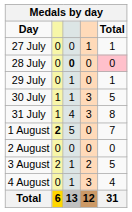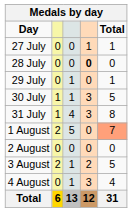 <table class="wikitable" style="font-size:85%;float:right;text-align:center">
 <tr>
 <th colspan=5><strong>Medals by day</strong></th>
 </tr>
 <tr align=center>
 <td><strong>Day</strong></td>
 <td bgcolor=#f7f6a8></td>
 <td bgcolor=#dce5e5></td>
 <td bgcolor=#ffdab9></td>
 <td><strong>Total</strong></td>
 </tr>
 <tr align=centre>
 <td>27 July</td>
 <td bgcolor=#f7f6a8>0</td>
 <td bgcolor=#dce5e5>0</td>
 <td bgcolor=#ffdab9>1</td>
 <td>1</td>
 </tr>
 <tr align=center>
 <td>28 July</td>
 <td bgcolor=#f7f6a8>0</td>
-<td bgcolor=#dce5e5><strong>0</strong></td>
-<td bgcolor=#ffdab9>0</td>
-<td style="background: pink;">0</td>
+<td bgcolor=#dce5e5>0</td>
+<td bgcolor=#ffdab9><strong>0</strong></td>
+<td>0</td>
 </tr>
 <tr align=center>
 <td>29 July</td>
 <td bgcolor=#f7f6a8>0</td>
 <td bgcolor=#dce5e5>1</td>
 <td bgcolor=#ffdab9>0</td>
 <td>1</td>
 </tr>
 <tr align=center>
 <td>30 July</td>
 <td bgcolor=#f7f6a8>1</td>
 <td bgcolor=#dce5e5>1</td>
 <td bgcolor=#ffdab9>3</td>
 <td>5</td>
 </tr>
 <tr align=center>
 <td>31 July</td>
 <td bgcolor=#f7f6a8>1</td>
 <td bgcolor=#dce5e5>4</td>
 <td bgcolor=#ffdab9>3</td>
 <td>8</td>
 </tr>
 <tr align=center>
 <td>1 August</td>
-<td bgcolor=#f7f6a8><strong>2</strong></td>
+<td bgcolor=#f7f6a8>2</td>
 <td bgcolor=#dce5e5>5</td>
 <td bgcolor=#ffdab9>0</td>
-<td>7</td>
+<td style="background: lightsalmon;">7</td>
 </tr>
 <tr align=center>
 <td>2 August</td>
 <td bgcolor=#f7f6a8>0</td>
 <td bgcolor=#dce5e5>0</td>
 <td bgcolor=#ffdab9>0</td>
 <td>0</td>
 </tr>
 <tr align=center>
 <td>3 August</td>
 <td bgcolor=#f7f6a8>2</td>
 <td bgcolor=#dce5e5>1</td>
 <td bgcolor=#ffdab9>2</td>
 <td>5</td>
 </tr>
 <tr align=center>
 <td>4 August</td>
 <td bgcolor=#f7f6a8>0</td>
 <td bgcolor=#dce5e5>1</td>
 <td bgcolor=#ffdab9>3</td>
 <td>4</td>
 </tr>
 <tr align=center>
 <th bgcolor=#efefef><strong>Total</strong></th>
 <th style="background:gold;"><strong>6</strong></th>
 <th style="background:silver;"><strong>13</strong></th>
 <th style="background:#c96;"><strong>12</strong></th>
 <th><strong>31</strong></th>
 </tr>
 </table>
